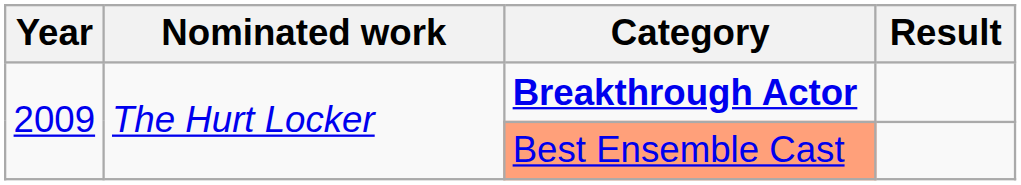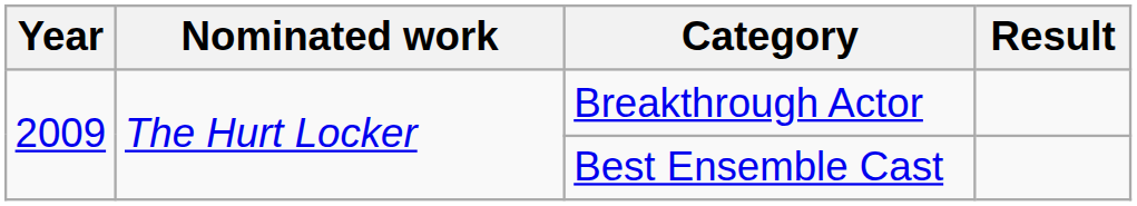 <table class="wikitable sortable" width="50%">
 <tr>
 <th width="1%">Year</th>
 <th width="45%">Nominated work</th>
 <th width="40%">Category</th>
 <th width="14%">Result</th>
 </tr>
 <tr>
 <td rowspan="2"><a href='#'>2009</a></td>
 <td rowspan="2"><em><a href='#'>The Hurt Locker</a></em></td>
-<td><strong><a href='#'>Breakthrough Actor</a></strong></td>
+<td><a href='#'>Breakthrough Actor</a></td>
 <td></td>
 </tr>
 <tr>
-<td style="background: lightsalmon;"><a href='#'>Best Ensemble Cast</a></td>
+<td><a href='#'>Best Ensemble Cast</a></td>
 <td></td>
 </tr>
 </table>
